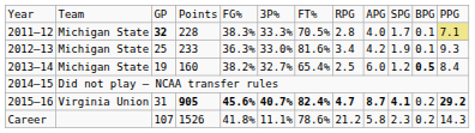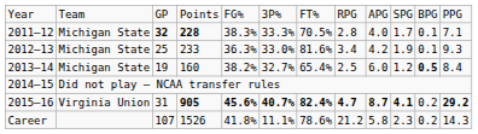 <table class="wikitable">
 <tr>
 <td>Year</td>
 <td>Team</td>
 <td>GP</td>
 <td>Points</td>
 <td>FG%</td>
 <td>3P%</td>
 <td>FT%</td>
 <td>RPG</td>
 <td>APG</td>
 <td>SPG</td>
 <td>BPG</td>
 <td>PPG</td>
 </tr>
 <tr>
 <td>2011–12</td>
 <td>Michigan State</td>
 <td><strong>32</strong></td>
-<td>228</td>
+<td><strong>228</strong></td>
 <td>38.3%</td>
 <td>33.3%</td>
 <td>70.5%</td>
 <td>2.8</td>
 <td>4.0</td>
 <td>1.7</td>
 <td>0.1</td>
-<td style="background: khaki;">7.1</td>
+<td>7.1</td>
 </tr>
 <tr>
 <td>2012–13</td>
 <td>Michigan State</td>
 <td>25</td>
 <td>233</td>
 <td>36.3%</td>
 <td>33.0%</td>
 <td>81.6%</td>
 <td>3.4</td>
 <td>4.2</td>
 <td>1.9</td>
 <td>0.1</td>
 <td>9.3</td>
 </tr>
 <tr>
 <td>2013–14</td>
 <td>Michigan State</td>
 <td>19</td>
 <td>160</td>
 <td>38.2%</td>
 <td>32.7%</td>
 <td>65.4%</td>
 <td>2.5</td>
 <td>6.0</td>
 <td>1.2</td>
 <td><strong>0.5</strong></td>
 <td>8.4</td>
 </tr>
 <tr>
 <td>2014–15</td>
 <td colspan="11">Did not play – NCAA transfer rules</td>
 </tr>
 <tr>
 <td>2015–16</td>
 <td>Virginia Union</td>
 <td>31</td>
 <td><strong>905</strong></td>
 <td><strong>45.6%</strong></td>
 <td><strong>40.7%</strong></td>
 <td><strong>82.4%</strong></td>
 <td><strong>4.7</strong></td>
 <td><strong>8.7</strong></td>
 <td><strong>4.1</strong></td>
 <td>0.2</td>
 <td><strong>29.2</strong></td>
 </tr>
 <tr>
 <td>Career</td>
 <td></td>
 <td>107</td>
 <td>1526</td>
 <td>41.8%</td>
 <td>11.1%</td>
 <td>78.6%</td>
 <td>21.2</td>
 <td>5.8</td>
 <td>2.3</td>
 <td>0.2</td>
 <td>14.3</td>
 </tr>
 </table>
